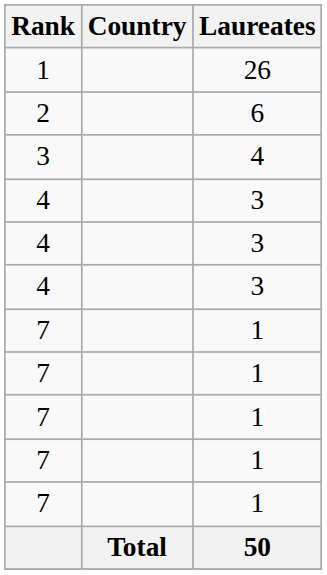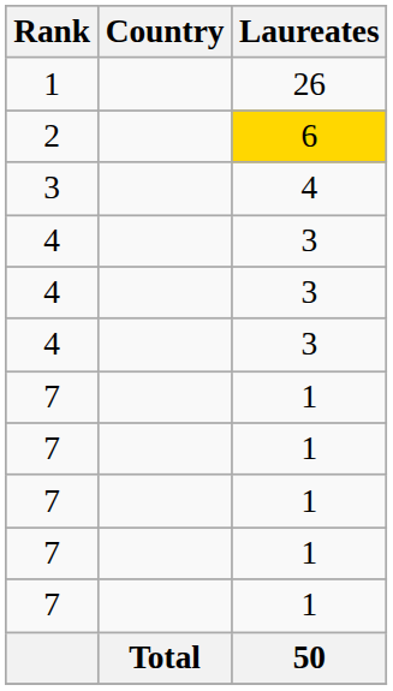 <table class="wikitable sortable">
 <tr>
 <th>Rank</th>
 <th>Country</th>
 <th>Laureates</th>
 </tr>
 <tr>
 <td style="text-align:center;">1</td>
 <td></td>
 <td style="text-align:center;">26</td>
 </tr>
 <tr>
 <td style="text-align:center;">2</td>
 <td></td>
-<td style="text-align:center;">6</td>
+<td style="background: gold; text-align:center;">6</td>
 </tr>
 <tr>
 <td style="text-align:center;">3</td>
 <td></td>
 <td style="text-align:center;">4</td>
 </tr>
 <tr>
 <td style="text-align:center;">4</td>
 <td></td>
 <td style="text-align:center;">3</td>
 </tr>
 <tr>
 <td style="text-align:center;">4</td>
 <td></td>
 <td style="text-align:center;">3</td>
 </tr>
 <tr>
 <td style="text-align:center;">4</td>
 <td></td>
 <td style="text-align:center;">3</td>
 </tr>
 <tr>
 <td style="text-align:center;">7</td>
 <td></td>
 <td style="text-align:center;">1</td>
 </tr>
 <tr>
 <td style="text-align:center;">7</td>
 <td></td>
 <td style="text-align:center;">1</td>
 </tr>
 <tr>
 <td style="text-align:center;">7</td>
 <td></td>
 <td style="text-align:center;">1</td>
 </tr>
 <tr>
 <td style="text-align:center;">7</td>
 <td></td>
 <td style="text-align:center;">1</td>
 </tr>
 <tr>
 <td style="text-align:center;">7</td>
 <td></td>
 <td style="text-align:center;">1</td>
 </tr>
 <tr class="sortbottom">
 <th></th>
 <th>Total</th>
 <th>50</th>
 </tr>
 <tr>
 </tr>
 </table>
